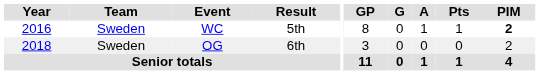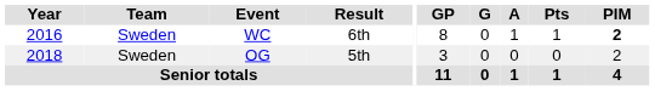 <table border="0" cellpadding="1" cellspacing="0" ID="Table3" style="text-align:center; width:40em">
 <tr ALIGN="center" bgcolor="#e0e0e0">
 <th>Year</th>
 <th>Team</th>
 <th>Event</th>
 <th>Result</th>
 <th rowspan="99" bgcolor="#ffffff"></th>
 <th>GP</th>
 <th>G</th>
 <th>A</th>
 <th>Pts</th>
 <th>PIM</th>
 </tr>
 <tr>
 <td><a href='#'>2016</a></td>
 <td><a href='#'>Sweden</a></td>
 <td><a href='#'>WC</a></td>
-<td>5th</td>
+<td>6th</td>
 <td>8</td>
 <td>0</td>
 <td>1</td>
 <td>1</td>
 <td><strong>2</strong></td>
 </tr>
 <tr bgcolor="#f0f0f0">
 <td><a href='#'>2018</a></td>
 <td>Sweden</td>
 <td><a href='#'>OG</a></td>
-<td>6th</td>
+<td>5th</td>
 <td>3</td>
 <td>0</td>
 <td>0</td>
 <td>0</td>
 <td>2</td>
 </tr>
 <tr bgcolor="#e0e0e0">
 <th colspan="4">Senior totals</th>
 <th>11</th>
 <th>0</th>
 <th>1</th>
 <th>1</th>
 <th>4</th>
 </tr>
 </table>
